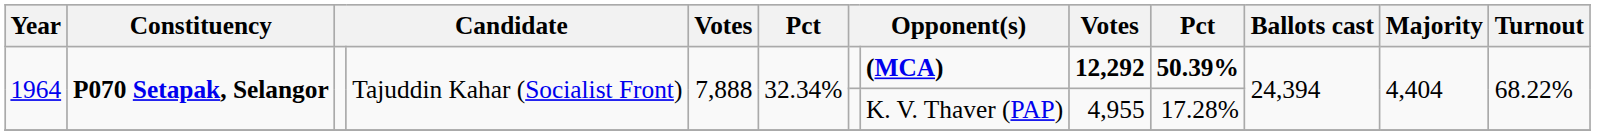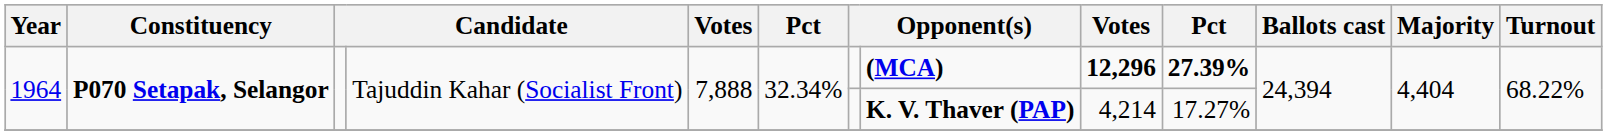 <table class="wikitable" style="margin:0.5em ; font-size:95%">
 <tr>
 <th>Year</th>
 <th>Constituency</th>
 <th colspan=2>Candidate</th>
 <th>Votes</th>
 <th>Pct</th>
 <th colspan=2>Opponent(s)</th>
 <th>Votes</th>
 <th>Pct</th>
 <th>Ballots cast</th>
 <th>Majority</th>
 <th>Turnout</th>
 </tr>
 <tr>
 <td rowspan=2><a href='#'>1964</a></td>
 <td rowspan=2><strong>P070 <a href='#'>Setapak</a>, Selangor</strong></td>
 <td rowspan=2 ></td>
 <td rowspan=2>Tajuddin Kahar (<a href='#'>Socialist Front</a>)</td>
 <td rowspan=2 align=right>7,888</td>
 <td rowspan=2>32.34%</td>
 <td></td>
 <td><strong> (<a href='#'>MCA</a>)</strong></td>
-<td align=right><strong>12,292</strong></td>
-<td><strong>50.39%</strong></td>
+<td align=right><strong>12,296</strong></td>
+<td><strong>27.39%</strong></td>
 <td rowspan=2>24,394</td>
 <td rowspan=2>4,404</td>
 <td rowspan=2>68.22%</td>
 </tr>
 <tr>
 <td></td>
-<td>K. V. Thaver (<a href='#'>PAP</a>)</td>
-<td align="right">4,955</td>
-<td align=right>17.28%</td>
+<td><strong>K. V. Thaver (<a href='#'>PAP</a>)</strong></td>
+<td align="right">4,214</td>
+<td align=right>17.27%</td>
 </tr>
 <tr>
 </tr>
 </table>
